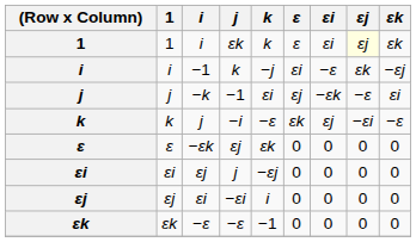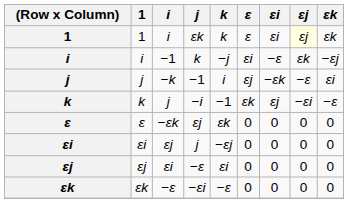 <table class="wikitable" style="text-align: center; width: 400px; height: 200px;">
 <tr>
 <th scope="col">(Row x Column)</th>
 <th scope="col">1</th>
 <th scope="col"><em>i</em></th>
 <th scope="col"><em>j</em></th>
 <th scope="col"><em>k</em></th>
 <th scope="col"><em>ε</em></th>
 <th scope="col"><em>εi</em></th>
 <th scope="col"><em>εj</em></th>
 <th scope="col"><em>εk</em></th>
 </tr>
 <tr>
 <th scope="row">1</th>
 <td>1</td>
 <td><em>i</em></td>
 <td><em>εk</em></td>
 <td><em>k</em></td>
 <td><em>ε</em></td>
 <td><em>εi</em></td>
 <td style="background: lightyellow;"><em>εj</em></td>
 <td><em>εk</em></td>
 </tr>
 <tr>
 <th scope="row"><em>i</em></th>
 <td><em>i</em></td>
 <td>−1</td>
 <td><em>k</em></td>
 <td>−<em>j</em></td>
 <td><em>εi</em></td>
 <td>−<em>ε</em></td>
 <td><em>εk</em></td>
 <td>−<em>εj</em></td>
 </tr>
 <tr>
 <th scope="row"><em>j</em></th>
 <td><em>j</em></td>
 <td>−<em>k</em></td>
 <td>−1</td>
-<td><em>εi</em></td>
+<td><em>i</em></td>
 <td><em>εj</em></td>
 <td>−<em>εk</em></td>
 <td>−<em>ε</em></td>
 <td><em>εi</em></td>
 </tr>
 <tr>
 <th scope="row"><em>k</em></th>
 <td><em>k</em></td>
 <td><em>j</em></td>
 <td>−<em>i</em></td>
-<td>−<em>ε</em></td>
+<td>−1</td>
 <td><em>εk</em></td>
 <td><em>εj</em></td>
 <td>−<em>εi</em></td>
 <td>−<em>ε</em></td>
 </tr>
 <tr>
 <th scope="row"><em>ε</em></th>
 <td><em>ε</em></td>
 <td>−<em>εk</em></td>
 <td><em>εj</em></td>
 <td><em>εk</em></td>
 <td>0</td>
 <td>0</td>
 <td>0</td>
 <td>0</td>
 </tr>
 <tr>
 <th scope="row"><em>εi</em></th>
 <td><em>εi</em></td>
 <td><em>εj</em></td>
 <td><em>j</em></td>
 <td>−<em>εj</em></td>
 <td>0</td>
 <td>0</td>
 <td>0</td>
 <td>0</td>
 </tr>
 <tr>
 <th scope="row"><em>εj</em></th>
 <td><em>εj</em></td>
 <td><em>εi</em></td>
-<td>−<em>εi</em></td>
-<td><em>i</em></td>
+<td>−<em>ε</em></td>
+<td><em>εi</em></td>
 <td>0</td>
 <td>0</td>
 <td>0</td>
 <td>0</td>
 </tr>
 <tr>
 <th scope="row"><em>εk</em></th>
 <td><em>εk</em></td>
 <td>−<em>ε</em></td>
+<td>−<em>εi</em></td>
 <td>−<em>ε</em></td>
-<td>−1</td>
 <td>0</td>
 <td>0</td>
 <td>0</td>
 <td>0</td>
 </tr>
 <tr>
 </tr>
 </table>
